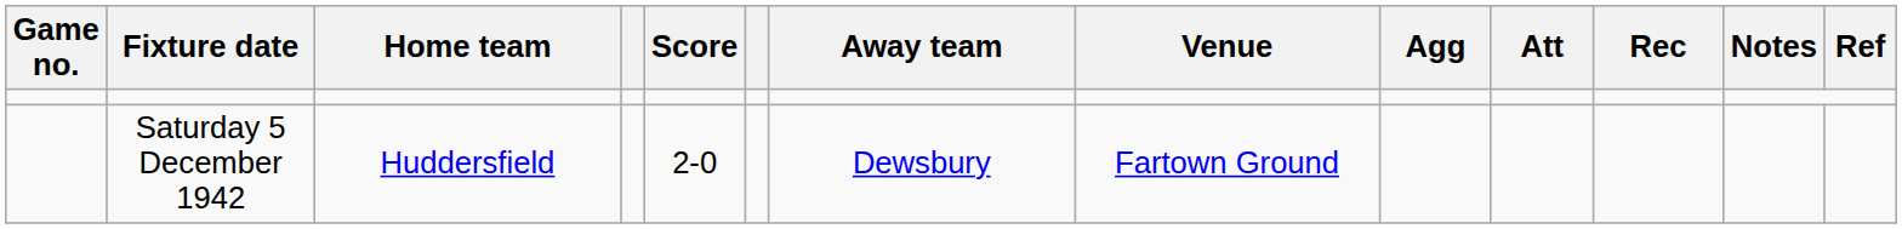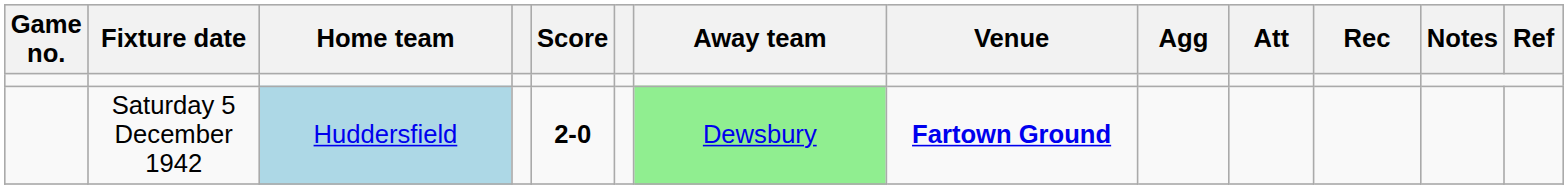 <table class="wikitable" style="text-align:center;">
 <tr>
 <th width=20 abbr="No">Game no.</th>
 <th width=100 abbr="Date">Fixture date</th>
 <th width=150 abbr="Home team">Home team</th>
 <th width=5 abbr="space"></th>
 <th width=20 abbr="Score">Score</th>
 <th width=5 abbr="space"></th>
 <th width=150 abbr="Away team">Away team</th>
 <th width=150 abbr="Venue">Venue</th>
 <th width=50 abbr="agg">Agg</th>
 <th width=45 abbr="Att">Att</th>
 <th width=60 abbr="Rec">Rec</th>
 <th width=20 abbr="Notes">Notes</th>
 <th width=30 abbr="Ref">Ref</th>
 </tr>
 <tr>
 <td></td>
 <td></td>
 <td></td>
 <td></td>
 <td></td>
 <td></td>
 <td></td>
 <td></td>
 <td></td>
 <td></td>
 <td></td>
 </tr>
 <tr>
 <td></td>
 <td>Saturday 5 December 1942</td>
-<td><a href='#'>Huddersfield</a></td>
+<td style="background: lightblue;"><a href='#'>Huddersfield</a></td>
 <td></td>
-<td>2-0</td>
+<td><strong>2-0</strong></td>
 <td></td>
-<td><a href='#'>Dewsbury</a></td>
-<td><a href='#'>Fartown Ground</a></td>
+<td style="background: lightgreen;"><a href='#'>Dewsbury</a></td>
+<td><strong><a href='#'>Fartown Ground</a></strong></td>
 <td></td>
 <td></td>
 <td></td>
 <td></td>
 <td></td>
 </tr>
 </table>
